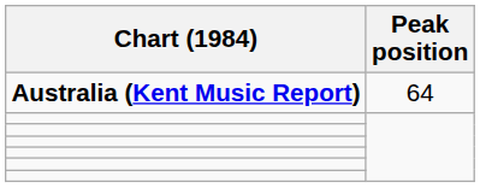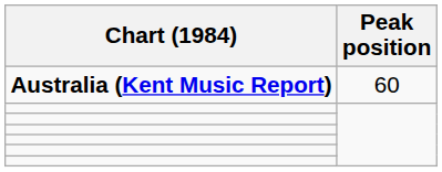 <table class="wikitable sortable plainrowheaders">
 <tr>
 <th scope="col">Chart (1984)</th>
 <th scope="col">Peak<br>position</th>
 </tr>
 <tr>
 <td align="left"><strong>Australia (<a href='#'>Kent Music Report</a>)</strong></td>
-<td style="text-align:center;">64</td>
+<td style="text-align:center;">60</td>
 </tr>
 <tr>
 <td></td>
 </tr>
 <tr>
 <td></td>
 </tr>
 <tr>
 <td></td>
 </tr>
 <tr>
 <td></td>
 </tr>
 <tr>
 <td></td>
 </tr>
 <tr>
 <td></td>
 </tr>
 </table>
